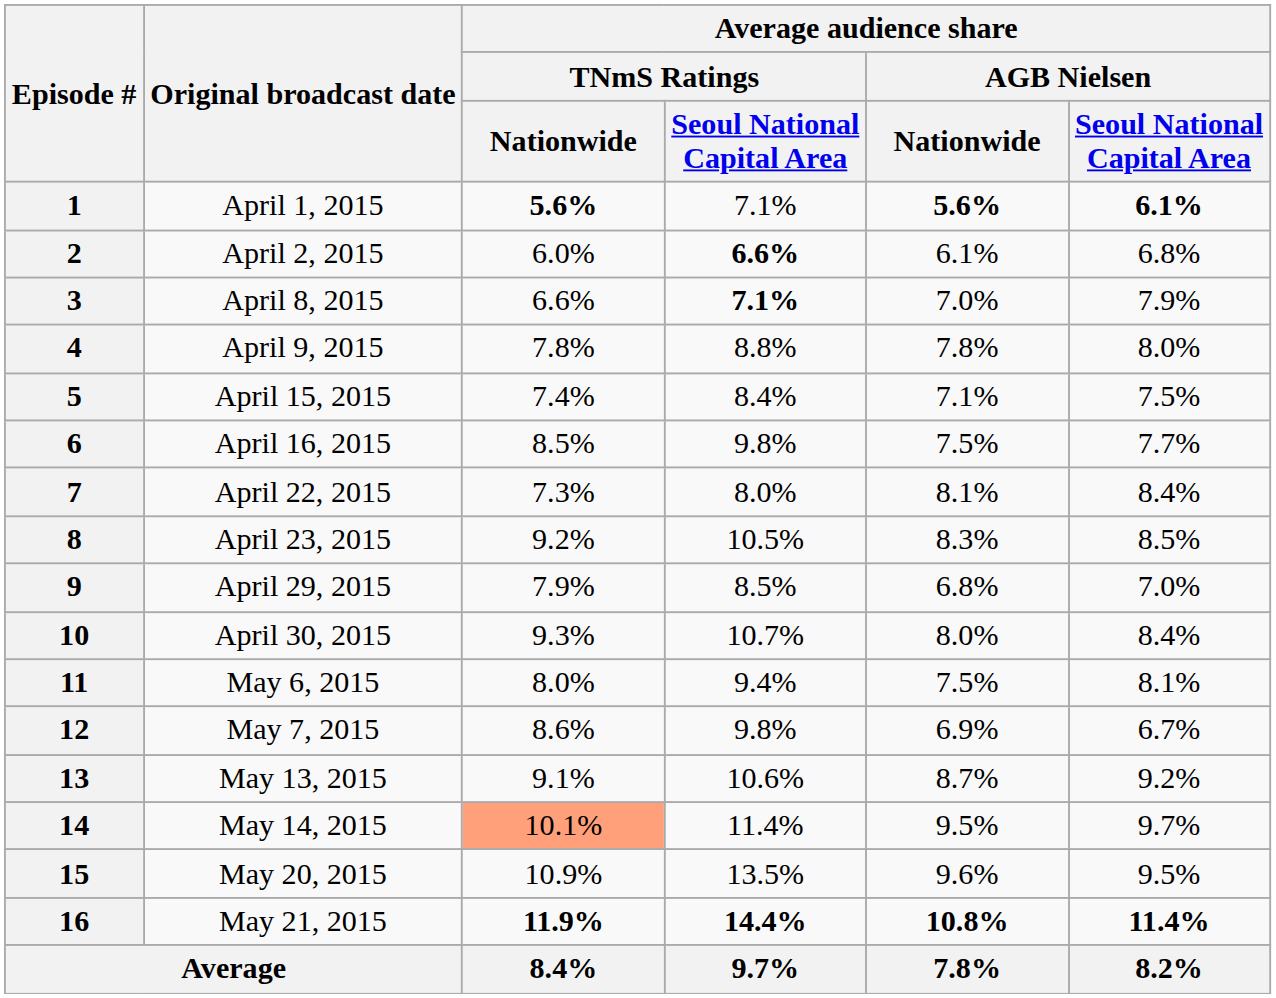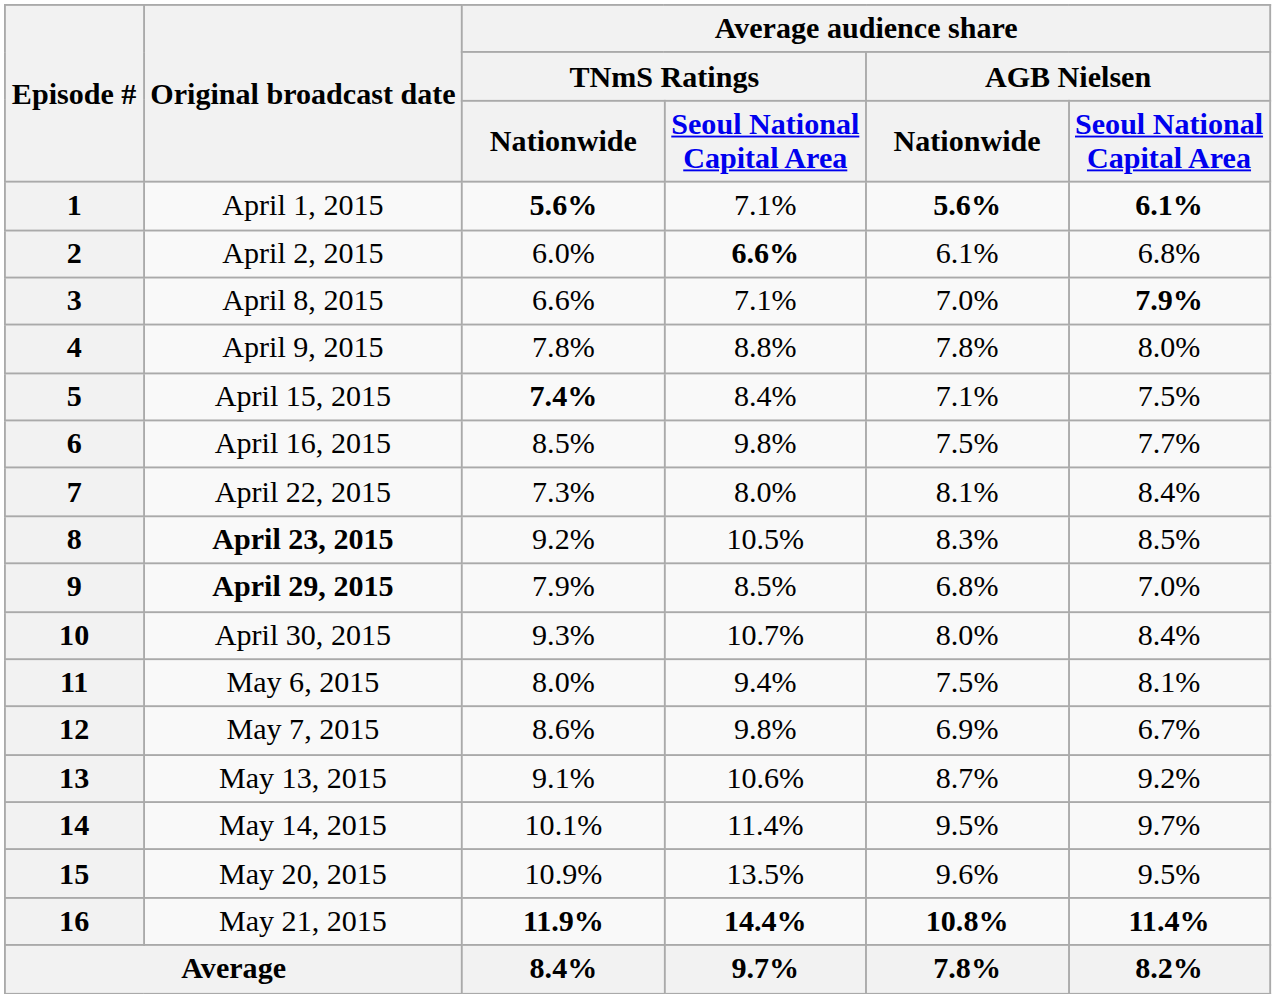 <table class=wikitable style="text-align:center">
 <tr>
 <th rowspan="3">Episode #</th>
 <th rowspan="3">Original broadcast date</th>
 <th colspan="4">Average audience share</th>
 </tr>
 <tr>
 <th colspan="2">TNmS Ratings</th>
 <th colspan="2">AGB Nielsen</th>
 </tr>
 <tr>
 <th width=100>Nationwide</th>
 <th width=100><a href='#'>Seoul National Capital Area</a></th>
 <th width=100>Nationwide</th>
 <th width=100><a href='#'>Seoul National Capital Area</a></th>
 </tr>
 <tr>
 <th>1</th>
 <td>April 1, 2015</td>
 <td><span><strong>5.6%</strong></span></td>
 <td>7.1%</td>
 <td><span><strong>5.6%</strong></span></td>
 <td><span><strong>6.1%</strong></span></td>
 </tr>
 <tr>
 <th>2</th>
 <td>April 2, 2015</td>
 <td>6.0%</td>
 <td><span><strong>6.6%</strong></span></td>
 <td>6.1%</td>
 <td>6.8%</td>
 </tr>
 <tr>
 <th>3</th>
 <td>April 8, 2015</td>
 <td>6.6%</td>
-<td><strong>7.1%</strong></td>
+<td>7.1%</td>
 <td>7.0%</td>
-<td>7.9%</td>
+<td><strong>7.9%</strong></td>
 </tr>
 <tr>
 <th>4</th>
 <td>April 9, 2015</td>
 <td>7.8%</td>
 <td>8.8%</td>
 <td>7.8%</td>
 <td>8.0%</td>
 </tr>
 <tr>
 <th>5</th>
 <td>April 15, 2015</td>
-<td>7.4%</td>
+<td><strong>7.4%</strong></td>
 <td>8.4%</td>
 <td>7.1%</td>
 <td>7.5%</td>
 </tr>
 <tr>
 <th>6</th>
 <td>April 16, 2015</td>
 <td>8.5%</td>
 <td>9.8%</td>
 <td>7.5%</td>
 <td>7.7%</td>
 </tr>
 <tr>
 <th>7</th>
 <td>April 22, 2015</td>
 <td>7.3%</td>
 <td>8.0%</td>
 <td>8.1%</td>
 <td>8.4%</td>
 </tr>
 <tr>
 <th>8</th>
-<td>April 23, 2015</td>
+<td><strong>April 23, 2015</strong></td>
 <td>9.2%</td>
 <td>10.5%</td>
 <td>8.3%</td>
 <td>8.5%</td>
 </tr>
 <tr>
 <th>9</th>
-<td>April 29, 2015</td>
+<td><strong>April 29, 2015</strong></td>
 <td>7.9%</td>
 <td>8.5%</td>
 <td>6.8%</td>
 <td>7.0%</td>
 </tr>
 <tr>
 <th>10</th>
 <td>April 30, 2015</td>
 <td>9.3%</td>
 <td>10.7%</td>
 <td>8.0%</td>
 <td>8.4%</td>
 </tr>
 <tr>
 <th>11</th>
 <td>May 6, 2015</td>
 <td>8.0%</td>
 <td>9.4%</td>
 <td>7.5%</td>
 <td>8.1%</td>
 </tr>
 <tr>
 <th>12</th>
 <td>May 7, 2015</td>
 <td>8.6%</td>
 <td>9.8%</td>
 <td>6.9%</td>
 <td>6.7%</td>
 </tr>
 <tr>
 <th>13</th>
 <td>May 13, 2015</td>
 <td>9.1%</td>
 <td>10.6%</td>
 <td>8.7%</td>
 <td>9.2%</td>
 </tr>
 <tr>
 <th>14</th>
 <td>May 14, 2015</td>
-<td style="background: lightsalmon;">10.1%</td>
+<td>10.1%</td>
 <td>11.4%</td>
 <td>9.5%</td>
 <td>9.7%</td>
 </tr>
 <tr>
 <th>15</th>
 <td>May 20, 2015</td>
 <td>10.9%</td>
 <td>13.5%</td>
 <td>9.6%</td>
 <td>9.5%</td>
 </tr>
 <tr>
 <th>16</th>
 <td>May 21, 2015</td>
 <td><span><strong>11.9%</strong></span></td>
 <td><span><strong>14.4%</strong></span></td>
 <td><span><strong>10.8%</strong></span></td>
 <td><span><strong>11.4%</strong></span></td>
 </tr>
 <tr>
 <th colspan=2>Average</th>
 <th>8.4%</th>
 <th>9.7%</th>
 <th>7.8%</th>
 <th>8.2%</th>
 </tr>
 </table>
